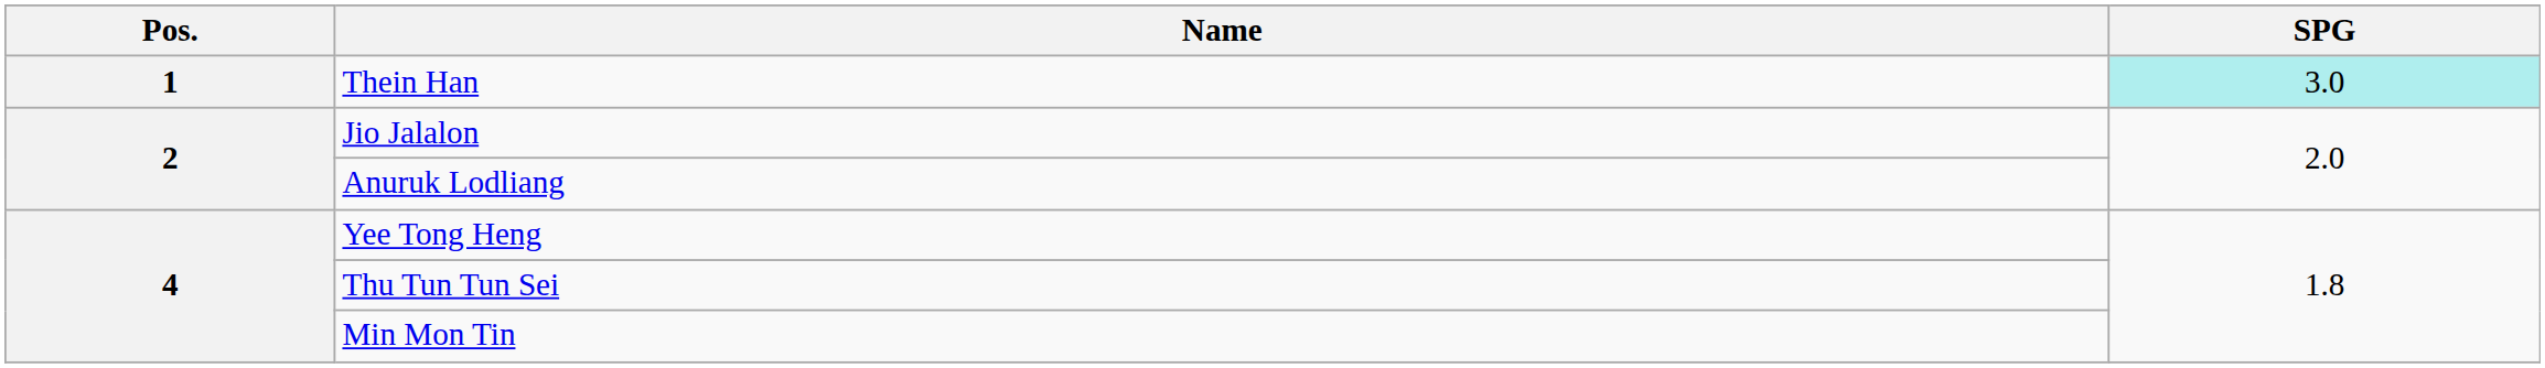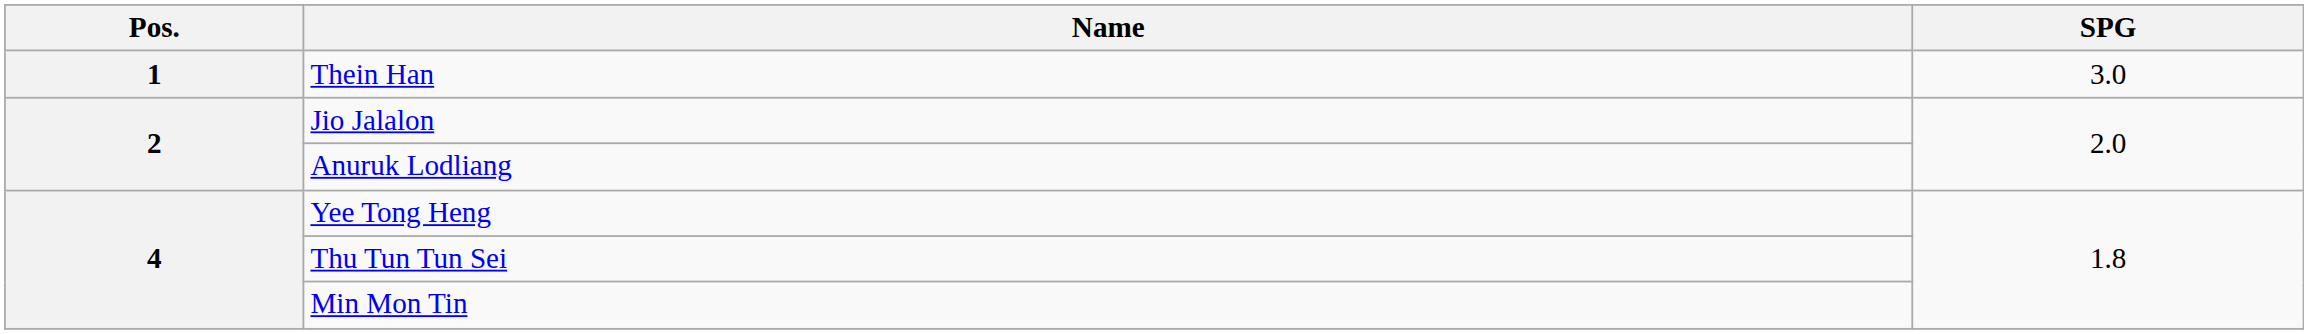 <table class=wikitable width=100% style="text-align:center;">
 <tr>
 <th width="13%">Pos.</th>
 <th width="70%">Name</th>
 <th width="17%">SPG</th>
 </tr>
 <tr>
 <th>1</th>
 <td align=left> <a href='#'>Thein Han</a></td>
-<td style="background: paleturquoise;">3.0</td>
+<td>3.0</td>
 </tr>
 <tr>
 <th rowspan=2>2</th>
 <td align=left> <a href='#'>Jio Jalalon</a></td>
 <td rowspan=2>2.0</td>
 </tr>
 <tr>
 <td align=left> <a href='#'>Anuruk Lodliang</a></td>
 </tr>
 <tr>
 <th rowspan=3>4</th>
 <td align=left> <a href='#'>Yee Tong Heng</a></td>
 <td rowspan=4>1.8</td>
 </tr>
 <tr>
 <td align=left> <a href='#'>Thu Tun Tun Sei</a></td>
 </tr>
 <tr>
 <td align=left> <a href='#'>Min Mon Tin</a></td>
 </tr>
 </table>
